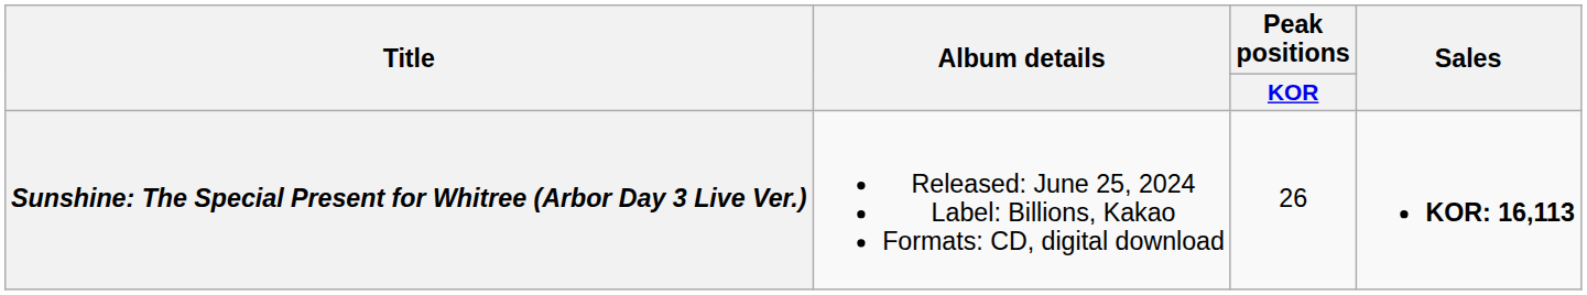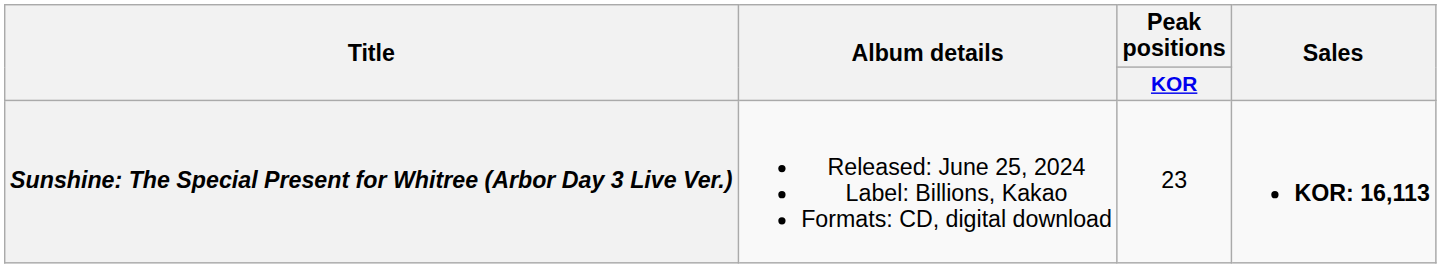 <table class="wikitable plainrowheaders" style="text-align:center;">
 <tr>
 <th scope="col" rowspan="2">Title</th>
 <th scope="col" rowspan="2">Album details</th>
 <th scope="col" colspan="1">Peak positions</th>
 <th scope="col" rowspan="2">Sales</th>
 </tr>
 <tr>
 <th scope="col" style="width:2.2em;font-size:90%;"><a href='#'>KOR</a><br></th>
 </tr>
 <tr>
 <th scope="row"><em>Sunshine: The Special Present for Whitree (Arbor Day 3 Live Ver.)</em></th>
 <td><br><ul><li>Released: June 25, 2024</li><li>Label: Billions, Kakao</li><li>Formats: CD, digital download</li></ul></td>
-<td>26</td>
+<td>23</td>
 <td><strong><br><ul><li>KOR: 16,113</li></ul></strong></td>
 </tr>
 </table>
